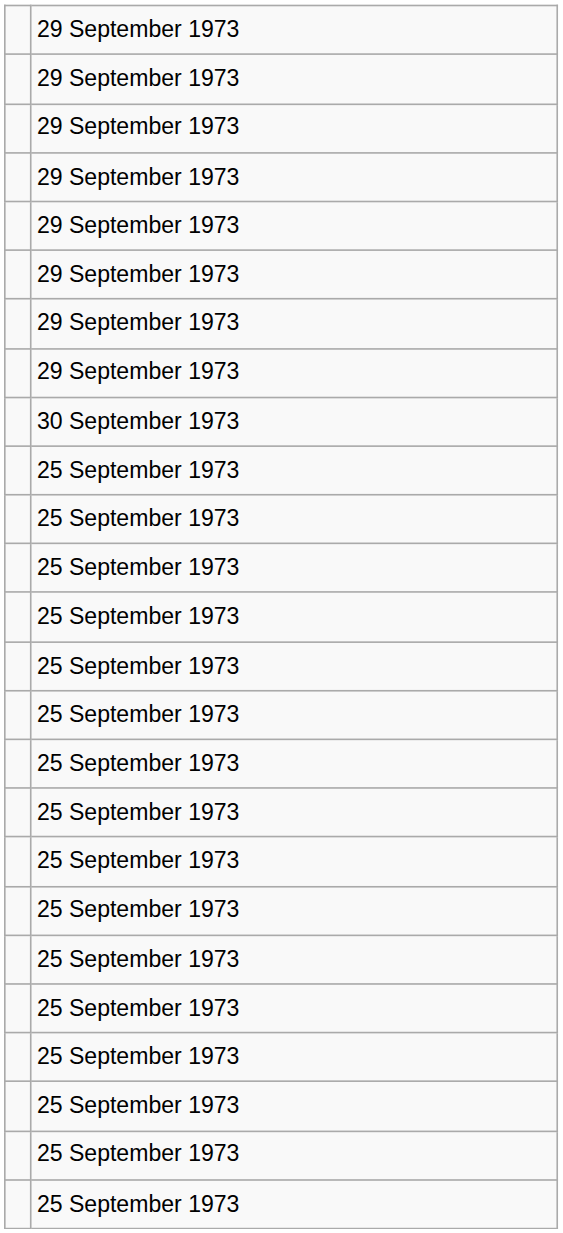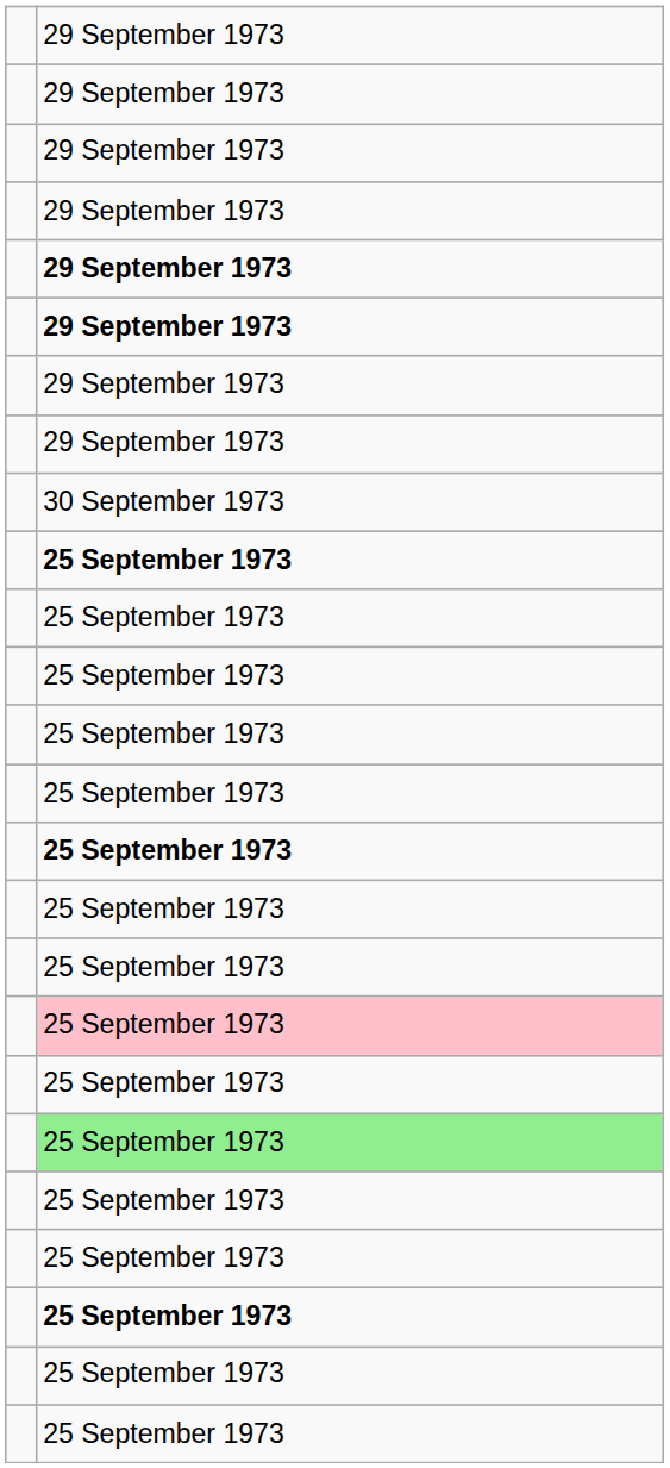 <table class="wikitable" style="font-size: 89%; float: left; width: 24em; margin-right: 1em; line-height: 1.65em">
 <tr>
 <td></td>
 <td>29 September 1973</td>
 </tr>
 <tr>
 <td></td>
 <td>29 September 1973</td>
 </tr>
 <tr>
 <td></td>
 <td>29 September 1973</td>
 </tr>
 <tr>
 <td></td>
 <td>29 September 1973</td>
 </tr>
 <tr>
 <td></td>
-<td>29 September 1973</td>
+<td><strong>29 September 1973</strong></td>
 </tr>
 <tr>
 <td></td>
-<td>29 September 1973</td>
+<td><strong>29 September 1973</strong></td>
 </tr>
 <tr>
 <td></td>
 <td>29 September 1973</td>
 </tr>
 <tr>
 <td></td>
 <td>29 September 1973</td>
 </tr>
 <tr>
 <td></td>
 <td>30 September 1973</td>
+</tr>
+<tr>
+<td></td>
+<td><strong>25 September 1973</strong></td>
 </tr>
 <tr>
 <td></td>
 <td>25 September 1973</td>
 </tr>
 <tr>
 <td></td>
 <td>25 September 1973</td>
 </tr>
 <tr>
 <td></td>
 <td>25 September 1973</td>
 </tr>
 <tr>
 <td></td>
 <td>25 September 1973</td>
 </tr>
 <tr>
 <td></td>
-<td>25 September 1973</td>
+<td><strong>25 September 1973</strong></td>
 </tr>
 <tr>
 <td></td>
 <td>25 September 1973</td>
 </tr>
 <tr>
 <td></td>
 <td>25 September 1973</td>
 </tr>
 <tr>
 <td></td>
+<td style="background: pink;">25 September 1973</td>
+</tr>
+<tr>
+<td></td>
 <td>25 September 1973</td>
+</tr>
+<tr>
+<td></td>
+<td style="background: lightgreen;">25 September 1973</td>
 </tr>
 <tr>
 <td></td>
 <td>25 September 1973</td>
 </tr>
 <tr>
 <td></td>
 <td>25 September 1973</td>
 </tr>
 <tr>
 <td></td>
-<td>25 September 1973</td>
-</tr>
-<tr>
-<td></td>
-<td>25 September 1973</td>
-</tr>
-<tr>
-<td></td>
-<td>25 September 1973</td>
-</tr>
-<tr>
-<td></td>
-<td>25 September 1973</td>
+<td><strong>25 September 1973</strong></td>
 </tr>
 <tr>
 <td></td>
 <td>25 September 1973</td>
 </tr>
 <tr>
 <td></td>
 <td>25 September 1973</td>
 </tr>
 </table>
